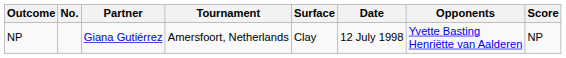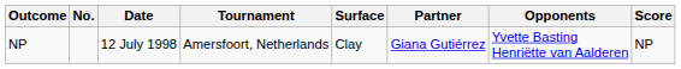 <table class="sortable wikitable" style=font-size:97%>
 <tr>
 <th>Outcome</th>
 <th>No.</th>
-<th>Partner</th>
+<th>Date</th>
 <th>Tournament</th>
 <th>Surface</th>
-<th>Date</th>
+<th>Partner</th>
 <th>Opponents</th>
 <th>Score</th>
 </tr>
 <tr>
 <td>NP</td>
 <td></td>
-<td> <a href='#'>Giana Gutiérrez</a></td>
+<td>12 July 1998</td>
 <td>Amersfoort, Netherlands</td>
 <td>Clay</td>
-<td>12 July 1998</td>
+<td> <a href='#'>Giana Gutiérrez</a></td>
 <td> <a href='#'>Yvette Basting</a> <br>  <a href='#'>Henriëtte van Aalderen</a></td>
 <td>NP</td>
 </tr>
 </table>
